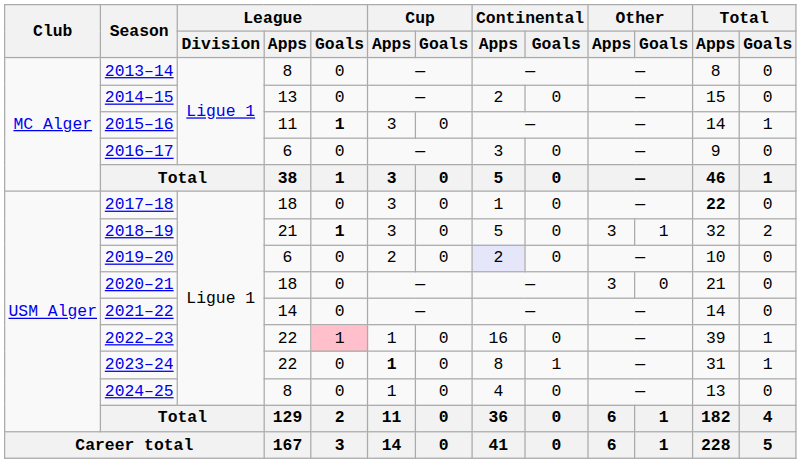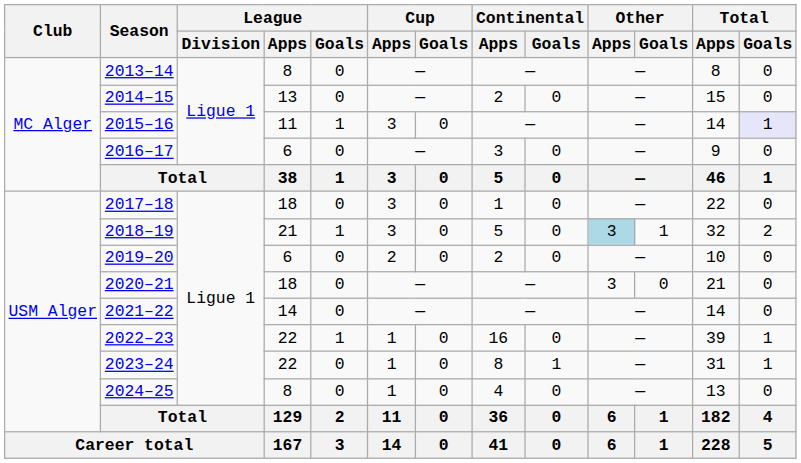 <table class="wikitable" style="text-align: center;">
 <tr>
 <th rowspan="2">Club</th>
 <th rowspan="2">Season</th>
 <th colspan="3">League</th>
 <th colspan="2">Cup</th>
 <th colspan="2">Continental</th>
 <th colspan="2">Other</th>
 <th colspan="2">Total</th>
 </tr>
 <tr>
 <th>Division</th>
 <th>Apps</th>
 <th>Goals</th>
 <th>Apps</th>
 <th>Goals</th>
 <th>Apps</th>
 <th>Goals</th>
 <th>Apps</th>
 <th>Goals</th>
 <th>Apps</th>
 <th>Goals</th>
 </tr>
 <tr>
 <td rowspan="5" valign="center"><a href='#'>MC Alger</a></td>
 <td><a href='#'>2013–14</a></td>
 <td rowspan=4><a href='#'>Ligue 1</a></td>
 <td>8</td>
 <td>0</td>
 <td colspan=2>—</td>
 <td colspan=2>—</td>
 <td colspan=2>—</td>
 <td>8</td>
 <td>0</td>
 </tr>
 <tr>
 <td><a href='#'>2014–15</a></td>
 <td>13</td>
 <td>0</td>
 <td colspan=2>—</td>
 <td>2</td>
 <td>0</td>
 <td colspan=2>—</td>
 <td>15</td>
 <td>0</td>
 </tr>
 <tr>
 <td><a href='#'>2015–16</a></td>
 <td>11</td>
-<td><strong>1</strong></td>
+<td>1</td>
 <td>3</td>
 <td>0</td>
 <td colspan=2>—</td>
 <td colspan=2>—</td>
 <td>14</td>
-<td>1</td>
+<td style="background: lavender;">1</td>
 </tr>
 <tr>
 <td><a href='#'>2016–17</a></td>
 <td>6</td>
 <td>0</td>
 <td colspan=2>—</td>
 <td>3</td>
 <td>0</td>
 <td colspan=2>—</td>
 <td>9</td>
 <td>0</td>
 </tr>
 <tr>
 <th colspan="2">Total</th>
 <th>38</th>
 <th>1</th>
 <th>3</th>
 <th>0</th>
 <th>5</th>
 <th>0</th>
 <th colspan=2>—</th>
 <th>46</th>
 <th>1</th>
 </tr>
 <tr>
 <td rowspan="9" valign="center"><a href='#'>USM Alger</a></td>
 <td><a href='#'>2017–18</a></td>
 <td rowspan=8>Ligue 1</td>
 <td>18</td>
 <td>0</td>
 <td>3</td>
 <td>0</td>
 <td>1</td>
 <td>0</td>
 <td colspan=2>—</td>
-<td><strong>22</strong></td>
+<td>22</td>
 <td>0</td>
 </tr>
 <tr>
 <td><a href='#'>2018–19</a></td>
 <td>21</td>
-<td><strong>1</strong></td>
+<td>1</td>
 <td>3</td>
 <td>0</td>
 <td>5</td>
 <td>0</td>
-<td>3</td>
+<td style="background: lightblue;">3</td>
 <td>1</td>
 <td>32</td>
 <td>2</td>
 </tr>
 <tr>
 <td><a href='#'>2019–20</a></td>
 <td>6</td>
 <td>0</td>
 <td>2</td>
 <td>0</td>
-<td style="background: lavender;">2</td>
+<td>2</td>
 <td>0</td>
 <td colspan=2>—</td>
 <td>10</td>
 <td>0</td>
 </tr>
 <tr>
 <td><a href='#'>2020–21</a></td>
 <td>18</td>
 <td>0</td>
 <td colspan=2>—</td>
 <td colspan=2>—</td>
 <td>3</td>
 <td>0</td>
 <td>21</td>
 <td>0</td>
 </tr>
 <tr>
 <td><a href='#'>2021–22</a></td>
 <td>14</td>
 <td>0</td>
 <td colspan=2>—</td>
 <td colspan=2>—</td>
 <td colspan=2>—</td>
 <td>14</td>
 <td>0</td>
 </tr>
 <tr>
 <td><a href='#'>2022–23</a></td>
 <td>22</td>
-<td style="background: pink;">1</td>
+<td>1</td>
 <td>1</td>
 <td>0</td>
 <td>16</td>
 <td>0</td>
 <td colspan=2>—</td>
 <td>39</td>
 <td>1</td>
 </tr>
 <tr>
 <td><a href='#'>2023–24</a></td>
 <td>22</td>
 <td>0</td>
-<td><strong>1</strong></td>
+<td>1</td>
 <td>0</td>
 <td>8</td>
 <td>1</td>
 <td colspan=2>—</td>
 <td>31</td>
 <td>1</td>
 </tr>
 <tr>
 <td><a href='#'>2024–25</a></td>
 <td>8</td>
 <td>0</td>
 <td>1</td>
 <td>0</td>
 <td>4</td>
 <td>0</td>
 <td colspan=2>—</td>
 <td>13</td>
 <td>0</td>
 </tr>
 <tr>
 <th colspan="2">Total</th>
 <th>129</th>
 <th>2</th>
 <th>11</th>
 <th>0</th>
 <th>36</th>
 <th>0</th>
 <th>6</th>
 <th>1</th>
 <th>182</th>
 <th>4</th>
 </tr>
 <tr>
 <th colspan="3">Career total</th>
 <th>167</th>
 <th>3</th>
 <th>14</th>
 <th>0</th>
 <th>41</th>
 <th>0</th>
 <th>6</th>
 <th>1</th>
 <th>228</th>
 <th>5</th>
 </tr>
 </table>
